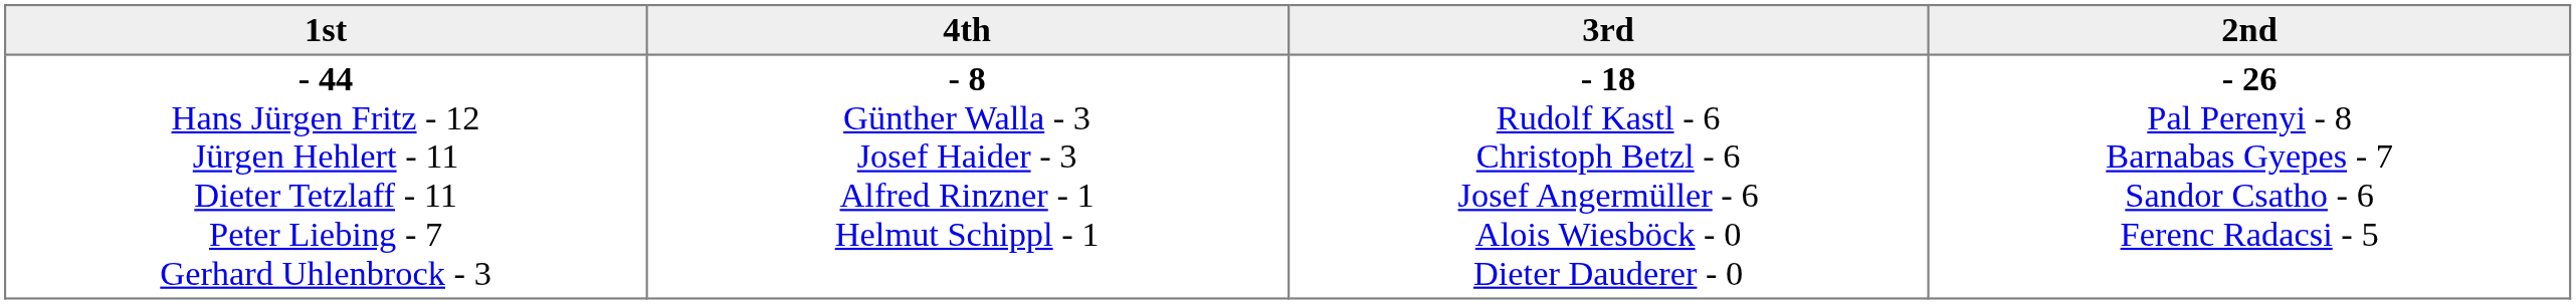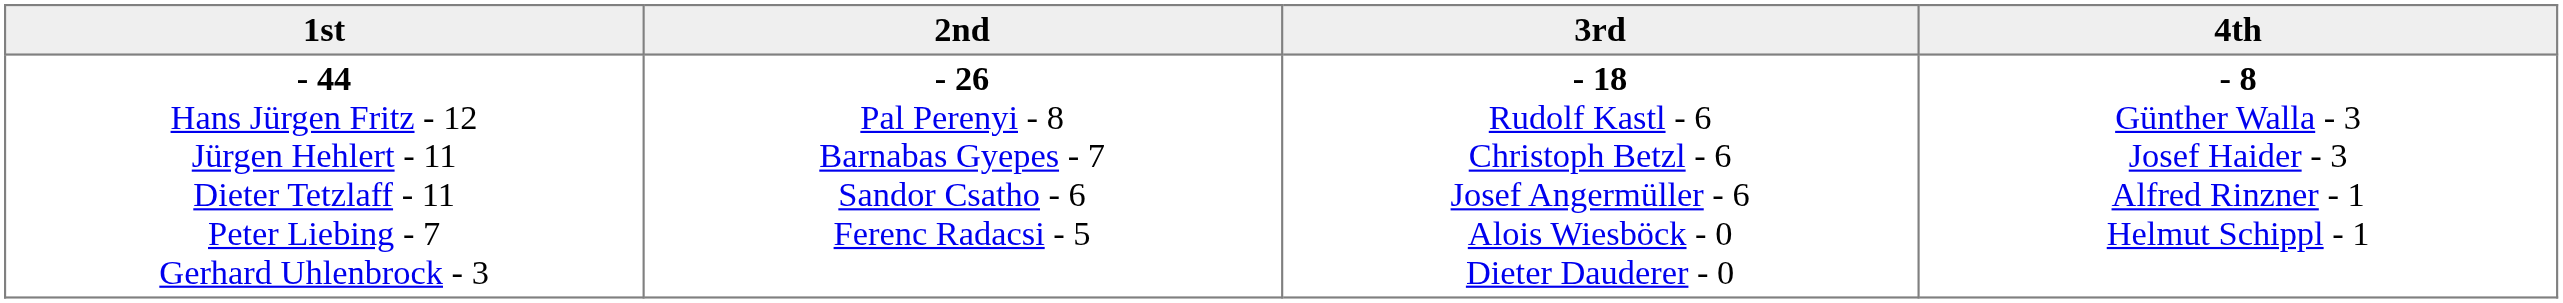 <table border=1 cellpadding=2 cellspacing=0 width=75% style="border-collapse:collapse">
 <tr align=center style="background:#efefef;">
 <th width=20% >1st</th>
+<th width=20% >2nd</th>
+<th width=20% >3rd</th>
 <th width=20%>4th</th>
-<th width=20% >3rd</th>
-<th width=20% >2nd</th>
 </tr>
 <tr align=center>
 <td valign=top ><strong> - 44</strong><br><a href='#'>Hans Jürgen Fritz</a> - 12<br><a href='#'>Jürgen Hehlert</a> - 11<br><a href='#'>Dieter Tetzlaff</a> - 11<br><a href='#'>Peter Liebing</a> - 7<br><a href='#'>Gerhard Uhlenbrock</a> - 3</td>
+<td valign=top ><strong> - 26</strong><br><a href='#'>Pal Perenyi</a> - 8<br><a href='#'>Barnabas Gyepes</a> - 7<br><a href='#'>Sandor Csatho</a> - 6<br><a href='#'>Ferenc Radacsi</a> - 5</td>
+<td valign=top ><strong> - 18</strong><br><a href='#'>Rudolf Kastl</a> - 6<br><a href='#'>Christoph Betzl</a> - 6<br><a href='#'>Josef Angermüller</a> - 6<br><a href='#'>Alois Wiesböck</a> - 0<br><a href='#'>Dieter Dauderer</a> - 0</td>
 <td valign=top><strong> - 8</strong><br><a href='#'>Günther Walla</a> - 3<br><a href='#'>Josef Haider</a> - 3<br><a href='#'>Alfred Rinzner</a> - 1<br><a href='#'>Helmut Schippl</a>	- 1</td>
-<td valign=top ><strong> - 18</strong><br><a href='#'>Rudolf Kastl</a> - 6<br><a href='#'>Christoph Betzl</a> - 6<br><a href='#'>Josef Angermüller</a> - 6<br><a href='#'>Alois Wiesböck</a> - 0<br><a href='#'>Dieter Dauderer</a> - 0</td>
-<td valign=top ><strong> - 26</strong><br><a href='#'>Pal Perenyi</a> - 8<br><a href='#'>Barnabas Gyepes</a> - 7<br><a href='#'>Sandor Csatho</a> - 6<br><a href='#'>Ferenc Radacsi</a> - 5</td>
 </tr>
 </table>
